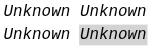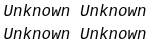 <table>
 <tr>
 <th scope=row style="text-align:left"></th>
 <td><em>Unknown</em></td>
 <td></td>
 <td><em>Unknown</em></td>
 </tr>
 <tr>
 <th scope=row style="text-align:left"></th>
 <td><em>Unknown</em></td>
 <td></td>
-<td style="background: lightgrey;"><em>Unknown</em></td>
+<td><em>Unknown</em></td>
 </tr>
 </table>
